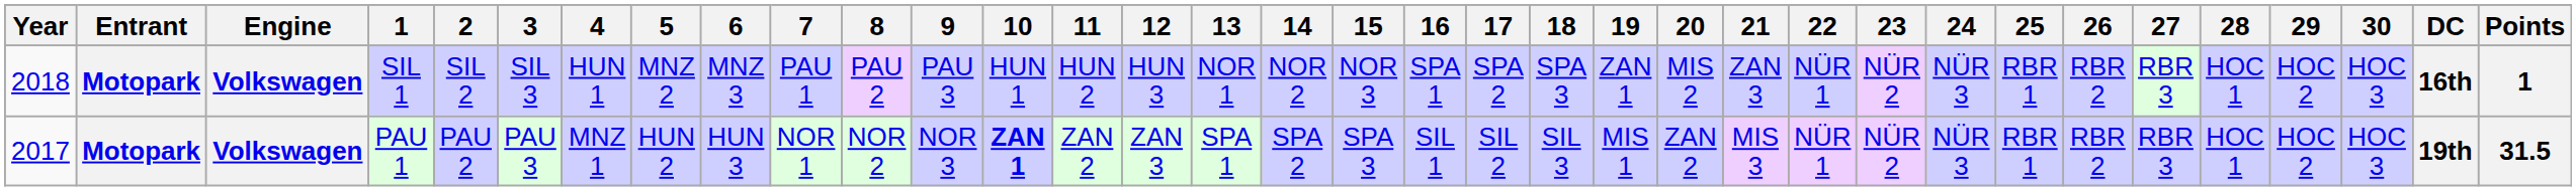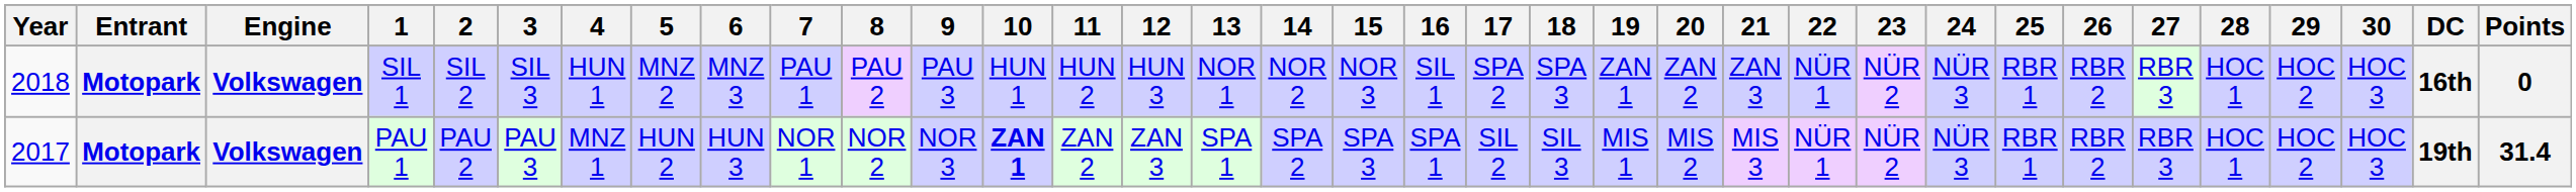 <table class="wikitable" style="text-align:center; font-size:85%">
 <tr>
 <th>Year</th>
 <th>Entrant</th>
 <th>Engine</th>
 <th>1</th>
 <th>2</th>
 <th>3</th>
 <th>4</th>
 <th>5</th>
 <th>6</th>
 <th>7</th>
 <th>8</th>
 <th>9</th>
 <th>10</th>
 <th>11</th>
 <th>12</th>
 <th>13</th>
 <th>14</th>
 <th>15</th>
 <th>16</th>
 <th>17</th>
 <th>18</th>
 <th>19</th>
 <th>20</th>
 <th>21</th>
 <th>22</th>
 <th>23</th>
 <th>24</th>
 <th>25</th>
 <th>26</th>
 <th>27</th>
 <th>28</th>
 <th>29</th>
 <th>30</th>
 <th>DC</th>
 <th>Points</th>
 </tr>
 <tr>
 <td><a href='#'>2018</a></td>
 <th nowrap><a href='#'>Motopark</a></th>
 <th nowrap><a href='#'>Volkswagen</a></th>
 <td style="background:#CFCFFF;"><a href='#'>SIL<br>1</a><br></td>
 <td style="background:#CFCFFF;"><a href='#'>SIL<br>2</a><br></td>
 <td style="background:#CFCFFF;"><a href='#'>SIL<br>3</a><br></td>
 <td style="background:#CFCFFF;"><a href='#'>HUN<br>1</a><br></td>
 <td style="background:#CFCFFF;"><a href='#'>MNZ<br>2</a><br></td>
 <td style="background:#CFCFFF;"><a href='#'>MNZ<br>3</a><br></td>
 <td style="background:#CFCFFF;"><a href='#'>PAU<br>1</a><br></td>
 <td style="background:#EFCFFF;"><a href='#'>PAU<br>2</a><br></td>
 <td style="background:#CFCFFF;"><a href='#'>PAU<br>3</a><br></td>
 <td style="background:#CFCFFF;"><a href='#'>HUN<br>1</a><br></td>
 <td style="background:#CFCFFF;"><a href='#'>HUN<br>2</a><br></td>
 <td style="background:#CFCFFF;"><a href='#'>HUN<br>3</a><br></td>
 <td style="background:#CFCFFF;"><a href='#'>NOR<br>1</a><br></td>
 <td style="background:#CFCFFF;"><a href='#'>NOR<br>2</a><br></td>
 <td style="background:#CFCFFF;"><a href='#'>NOR<br>3</a><br></td>
-<td style="background:#CFCFFF;"><a href='#'>SPA<br>1</a><br></td>
+<td style="background:#CFCFFF;"><a href='#'>SIL<br>1</a><br></td>
 <td style="background:#CFCFFF;"><a href='#'>SPA<br>2</a><br></td>
 <td style="background:#CFCFFF;"><a href='#'>SPA<br>3</a><br></td>
 <td style="background:#CFCFFF;"><a href='#'>ZAN<br>1</a><br></td>
-<td style="background:#CFCFFF;"><a href='#'>MIS<br>2</a><br></td>
+<td style="background:#CFCFFF;"><a href='#'>ZAN<br>2</a><br></td>
 <td style="background:#CFCFFF;"><a href='#'>ZAN<br>3</a><br></td>
 <td style="background:#CFCFFF;"><a href='#'>NÜR<br>1</a><br></td>
 <td style="background:#EFCFFF;"><a href='#'>NÜR<br>2</a><br></td>
 <td style="background:#CFCFFF;"><a href='#'>NÜR<br>3</a><br></td>
 <td style="background:#CFCFFF;"><a href='#'>RBR<br>1</a><br></td>
 <td style="background:#CFCFFF;"><a href='#'>RBR<br>2</a><br></td>
 <td style="background:#DFFFDF;"><a href='#'>RBR<br>3</a><br></td>
 <td style="background:#CFCFFF;"><a href='#'>HOC<br>1</a><br></td>
 <td style="background:#CFCFFF;"><a href='#'>HOC<br>2</a><br></td>
 <td style="background:#CFCFFF;"><a href='#'>HOC<br>3</a><br></td>
 <th>16th</th>
-<th>1</th>
+<th>0</th>
 </tr>
 <tr>
 <td><a href='#'>2017</a></td>
 <th nowrap><a href='#'>Motopark</a></th>
 <th nowrap><a href='#'>Volkswagen</a></th>
 <td style="background:#DFFFDF;"><a href='#'>PAU<br>1</a><br></td>
 <td style="background:#CFCFFF;"><a href='#'>PAU<br>2</a><br></td>
 <td style="background:#DFFFDF;"><a href='#'>PAU<br>3</a><br></td>
 <td style="background:#CFCFFF;"><a href='#'>MNZ<br>1</a><br></td>
 <td style="background:#CFCFFF;"><a href='#'>HUN<br>2</a><br></td>
 <td style="background:#CFCFFF;"><a href='#'>HUN<br>3</a><br></td>
 <td style="background:#DFFFDF;"><a href='#'>NOR<br>1</a><br></td>
 <td style="background:#DFFFDF;"><a href='#'>NOR<br>2</a><br></td>
 <td style="background:#CFCFFF;"><a href='#'>NOR<br>3</a><br></td>
 <td style="background:#CFCFFF;"><strong><a href='#'>ZAN<br>1</a><br></strong></td>
 <td style="background:#DFFFDF;"><a href='#'>ZAN<br>2</a><br></td>
 <td style="background:#DFFFDF;"><a href='#'>ZAN<br>3</a><br></td>
 <td style="background:#DFFFDF;"><a href='#'>SPA<br>1</a><br></td>
 <td style="background:#CFCFFF;"><a href='#'>SPA<br>2</a><br></td>
 <td style="background:#CFCFFF;"><a href='#'>SPA<br>3</a><br></td>
-<td style="background:#CFCFFF;"><a href='#'>SIL<br>1</a><br></td>
+<td style="background:#CFCFFF;"><a href='#'>SPA<br>1</a><br></td>
 <td style="background:#CFCFFF;"><a href='#'>SIL<br>2</a><br></td>
 <td style="background:#CFCFFF;"><a href='#'>SIL<br>3</a><br></td>
 <td style="background:#CFCFFF;"><a href='#'>MIS<br>1</a><br></td>
-<td style="background:#CFCFFF;"><a href='#'>ZAN<br>2</a><br></td>
+<td style="background:#CFCFFF;"><a href='#'>MIS<br>2</a><br></td>
 <td style="background:#EFCFFF;"><a href='#'>MIS<br>3</a><br></td>
 <td style="background:#EFCFFF;"><a href='#'>NÜR<br>1</a><br></td>
 <td style="background:#EFCFFF;"><a href='#'>NÜR<br>2</a><br></td>
 <td style="background:#CFCFFF;"><a href='#'>NÜR<br>3</a><br></td>
 <td style="background:#CFCFFF;"><a href='#'>RBR<br>1</a><br></td>
 <td style="background:#CFCFFF;"><a href='#'>RBR<br>2</a><br></td>
 <td style="background:#CFCFFF;"><a href='#'>RBR<br>3</a><br></td>
 <td style="background:#CFCFFF;"><a href='#'>HOC<br>1</a><br></td>
 <td style="background:#CFCFFF;"><a href='#'>HOC<br>2</a><br></td>
 <td style="background:#CFCFFF;"><a href='#'>HOC<br>3</a><br></td>
 <th>19th</th>
-<th>31.5</th>
+<th>31.4</th>
 </tr>
 </table>
